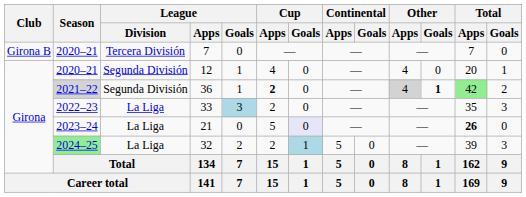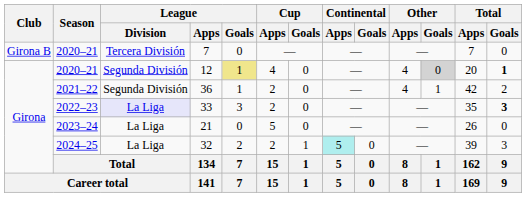 <table class="wikitable" Style="text-align: center">
 <tr>
 <th rowspan="2">Club</th>
 <th rowspan="2">Season</th>
 <th colspan="3">League</th>
 <th colspan="2">Cup</th>
 <th colspan="2">Continental</th>
 <th colspan="2">Other</th>
 <th colspan="2">Total</th>
 </tr>
 <tr>
 <th>Division</th>
 <th>Apps</th>
 <th>Goals</th>
 <th>Apps</th>
 <th>Goals</th>
 <th>Apps</th>
 <th>Goals</th>
 <th>Apps</th>
 <th>Goals</th>
 <th>Apps</th>
 <th>Goals</th>
 </tr>
 <tr>
 <td><a href='#'>Girona B</a></td>
 <td><a href='#'>2020–21</a></td>
 <td><a href='#'>Tercera División</a></td>
 <td>7</td>
 <td>0</td>
 <td colspan="2">—</td>
 <td colspan="2">—</td>
 <td colspan="2">—</td>
 <td>7</td>
 <td>0</td>
 </tr>
 <tr>
 <td rowspan="6"><a href='#'>Girona</a></td>
 <td><a href='#'>2020–21</a></td>
 <td><a href='#'>Segunda División</a></td>
 <td>12</td>
-<td>1</td>
+<td style="background: khaki;">1</td>
 <td>4</td>
 <td>0</td>
 <td colspan="2">—</td>
 <td>4</td>
-<td>0</td>
+<td style="background: lightgrey;">0</td>
 <td>20</td>
-<td>1</td>
+<td><strong>1</strong></td>
 </tr>
 <tr>
-<td style="background: lightgrey;"><a href='#'>2021–22</a></td>
+<td><a href='#'>2021–22</a></td>
 <td>Segunda División</td>
 <td>36</td>
 <td>1</td>
-<td><strong>2</strong></td>
+<td>2</td>
 <td>0</td>
 <td colspan="2">—</td>
-<td style="background: lightgrey;">4</td>
-<td><strong>1</strong></td>
-<td style="background: lightgreen;">42</td>
+<td>4</td>
+<td>1</td>
+<td>42</td>
 <td>2</td>
 </tr>
 <tr>
 <td><a href='#'>2022–23</a></td>
-<td><a href='#'>La Liga</a></td>
+<td style="background: lavender;"><a href='#'>La Liga</a></td>
 <td>33</td>
-<td style="background: lightblue;">3</td>
+<td>3</td>
 <td>2</td>
 <td>0</td>
 <td colspan="2">—</td>
 <td colspan="2">—</td>
 <td>35</td>
-<td>3</td>
+<td><strong>3</strong></td>
 </tr>
 <tr>
 <td><a href='#'>2023–24</a></td>
 <td>La Liga</td>
 <td>21</td>
 <td>0</td>
 <td>5</td>
-<td style="background: lavender;">0</td>
+<td>0</td>
 <td colspan="2">—</td>
 <td colspan="2">—</td>
-<td><strong>26</strong></td>
+<td>26</td>
 <td>0</td>
 </tr>
 <tr>
-<td style="background: lightgreen;"><a href='#'>2024–25</a></td>
+<td><a href='#'>2024–25</a></td>
 <td>La Liga</td>
 <td>32</td>
 <td>2</td>
 <td>2</td>
-<td style="background: lightblue;">1</td>
-<td>5</td>
+<td>1</td>
+<td style="background: paleturquoise;">5</td>
 <td>0</td>
 <td colspan="2">—</td>
 <td>39</td>
 <td>3</td>
 </tr>
 <tr>
 <th colspan="2">Total</th>
 <th>134</th>
 <th>7</th>
 <th>15</th>
 <th>1</th>
 <th>5</th>
 <th>0</th>
 <th>8</th>
 <th>1</th>
 <th>162</th>
 <th>9</th>
 </tr>
 <tr>
 <th colspan="3">Career total</th>
 <th>141</th>
 <th>7</th>
 <th>15</th>
 <th>1</th>
 <th>5</th>
 <th>0</th>
 <th>8</th>
 <th>1</th>
 <th>169</th>
 <th>9</th>
 </tr>
 </table>
